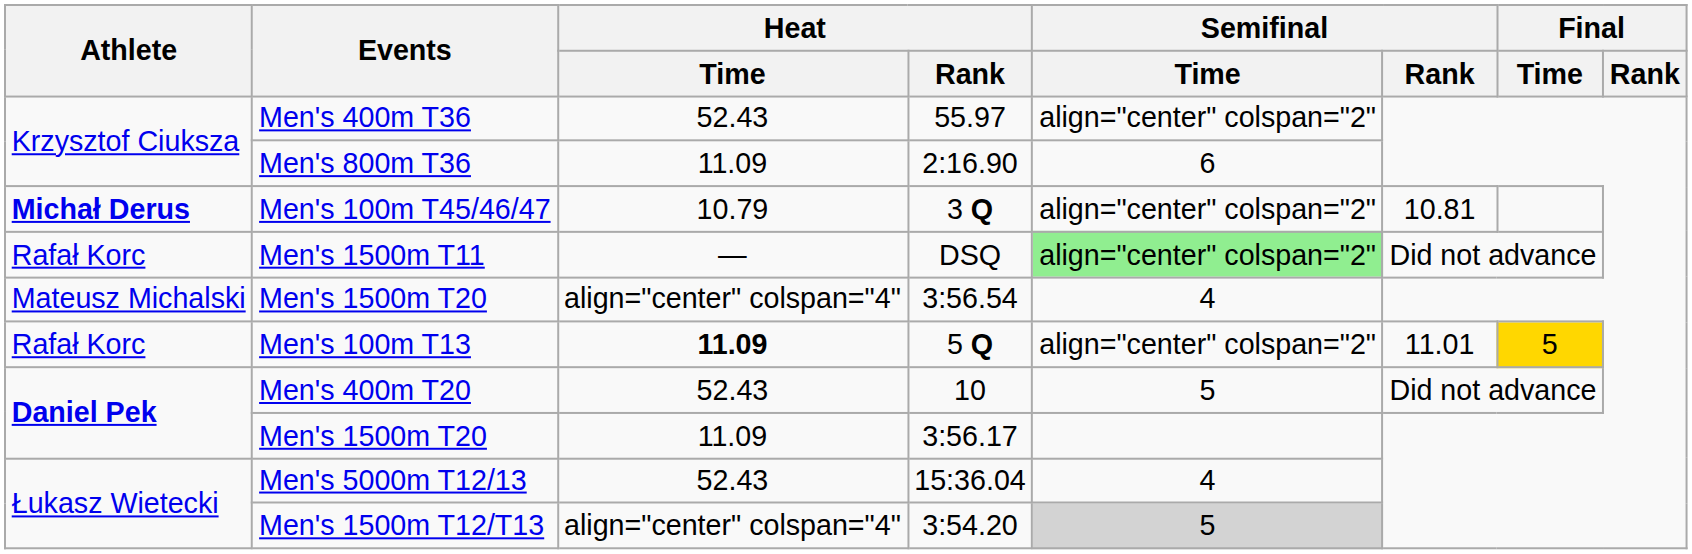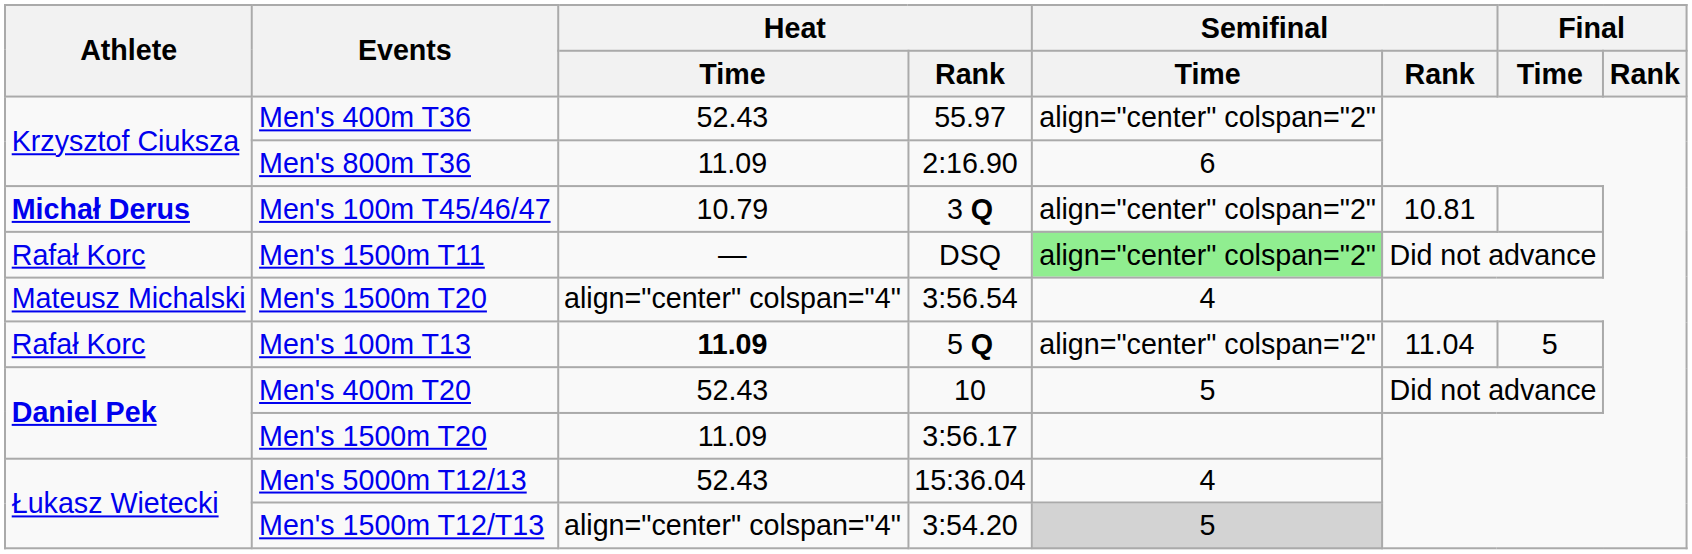 <table class=wikitable style="font-size:90%">
 <tr>
 <th rowspan="2">Athlete</th>
 <th rowspan="2">Events</th>
 <th colspan="2">Heat</th>
 <th colspan="2">Semifinal</th>
 <th colspan="2">Final</th>
 </tr>
 <tr>
 <th>Time</th>
 <th>Rank</th>
 <th>Time</th>
 <th>Rank</th>
 <th>Time</th>
 <th>Rank</th>
 </tr>
 <tr>
 <td rowspan="2"><a href='#'>Krzysztof Ciuksza</a></td>
 <td><a href='#'>Men's 400m T36</a></td>
 <td align="center">52.43</td>
 <td align="center">55.97</td>
 <td>align="center" colspan="2" </td>
 </tr>
 <tr>
 <td><a href='#'>Men's 800m T36</a></td>
 <td align="center">11.09</td>
 <td align="center">2:16.90</td>
 <td align="center">6</td>
 </tr>
 <tr>
 <td><strong><a href='#'>Michał Derus</a></strong></td>
 <td><a href='#'>Men's 100m T45/46/47</a></td>
 <td align="center">10.79</td>
 <td align="center">3 <strong>Q</strong></td>
 <td>align="center" colspan="2" </td>
 <td align="center">10.81</td>
 <td align="center"></td>
 </tr>
 <tr>
 <td><a href='#'>Rafał Korc</a></td>
 <td><a href='#'>Men's 1500m T11</a></td>
 <td align="center">—</td>
 <td align="center">DSQ</td>
 <td style="background: lightgreen;">align="center" colspan="2" </td>
 <td colspan=2>Did not advance</td>
 </tr>
 <tr>
 <td><a href='#'>Mateusz Michalski</a></td>
 <td><a href='#'>Men's 1500m T20</a></td>
 <td>align="center" colspan="4" </td>
 <td align="center">3:56.54</td>
 <td align="center">4</td>
 </tr>
 <tr>
 <td><a href='#'>Rafał Korc</a></td>
 <td><a href='#'>Men's 100m T13</a></td>
 <td align="center"><strong>11.09</strong></td>
 <td align="center">5 <strong>Q</strong></td>
 <td>align="center" colspan="2" </td>
-<td align="center">11.01</td>
-<td align="center" style="background: gold;">5</td>
+<td align="center">11.04</td>
+<td align="center">5</td>
 </tr>
 <tr>
 <td rowspan="2"><strong><a href='#'>Daniel Pek</a></strong></td>
 <td><a href='#'>Men's 400m T20</a></td>
 <td align="center">52.43</td>
 <td align="center">10</td>
 <td align="center">5</td>
 <td colspan=2>Did not advance</td>
 </tr>
 <tr>
 <td><a href='#'>Men's 1500m T20</a></td>
 <td align="center">11.09</td>
 <td align="center">3:56.17</td>
 <td align="center"></td>
 </tr>
 <tr>
 <td rowspan="2"><a href='#'>Łukasz Wietecki</a></td>
 <td><a href='#'>Men's 5000m T12/13</a></td>
 <td align="center">52.43</td>
 <td align="center">15:36.04</td>
 <td align="center">4</td>
 </tr>
 <tr>
 <td><a href='#'>Men's 1500m T12/T13</a></td>
 <td>align="center" colspan="4" </td>
 <td align="center">3:54.20</td>
 <td align="center" style="background: lightgrey;">5</td>
 </tr>
 </table>
